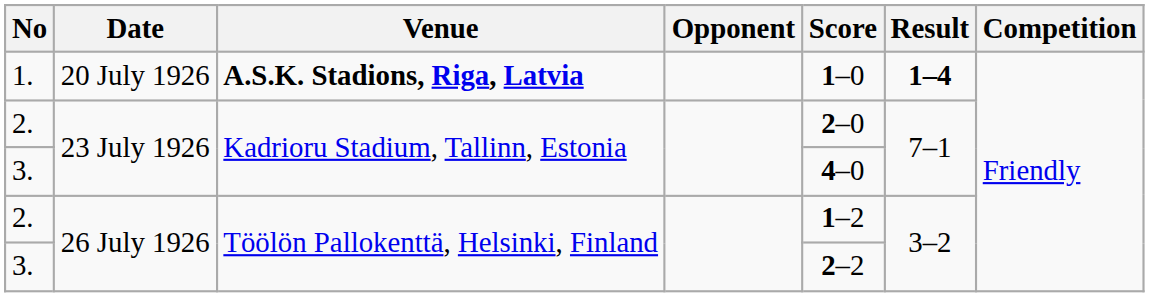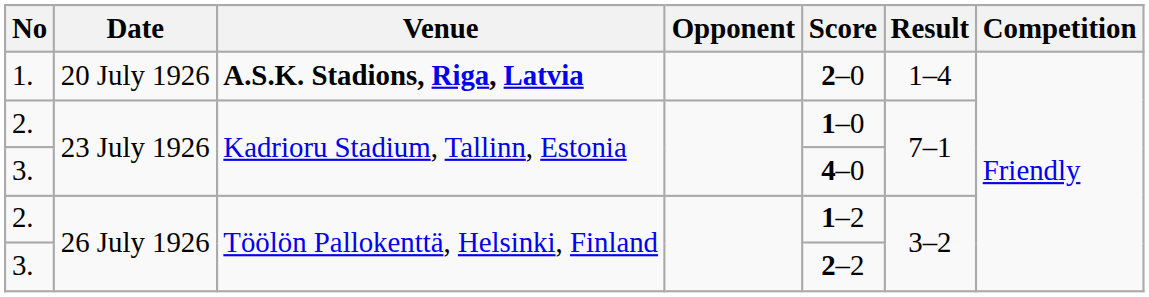 <table class="wikitable" style="font-size:85%;">
 <tr>
 <th>No</th>
 <th>Date</th>
 <th>Venue</th>
 <th>Opponent</th>
 <th>Score</th>
 <th>Result</th>
 <th>Competition</th>
 </tr>
 <tr>
 <td>1.</td>
 <td>20 July 1926</td>
 <td><strong>A.S.K. Stadions, <a href='#'>Riga</a>, <a href='#'>Latvia</a></strong></td>
 <td></td>
-<td align=center><strong>1</strong>–0</td>
-<td align=center><strong>1–4</strong></td>
+<td align=center><strong>2</strong>–0</td>
+<td align=center>1–4</td>
 <td rowspan="5"><a href='#'>Friendly</a></td>
 </tr>
 <tr>
 <td>2.</td>
 <td rowspan="2">23 July 1926</td>
 <td rowspan="2"><a href='#'>Kadrioru Stadium</a>, <a href='#'>Tallinn</a>, <a href='#'>Estonia</a></td>
 <td rowspan="2"></td>
-<td align=center><strong>2</strong>–0</td>
+<td align=center><strong>1</strong>–0</td>
 <td align=center rowspan="2">7–1</td>
 </tr>
 <tr>
 <td>3.</td>
 <td align=center><strong>4</strong>–0</td>
 </tr>
 <tr>
 <td>2.</td>
 <td rowspan="2">26 July 1926</td>
 <td rowspan="2"><a href='#'>Töölön Pallokenttä</a>, <a href='#'>Helsinki</a>, <a href='#'>Finland</a></td>
 <td rowspan="2"></td>
 <td align=center><strong>1</strong>–2</td>
 <td align=center rowspan="2">3–2</td>
 </tr>
 <tr>
 <td>3.</td>
 <td align=center><strong>2</strong>–2</td>
 </tr>
 </table>
